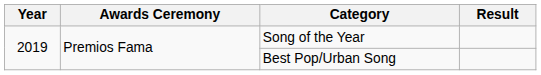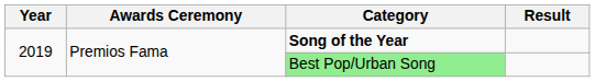 <table class="wikitable plainrowheaders" style="width:70%;">
 <tr>
 <th scope="col" style="width:4%;">Year</th>
 <th scope="col" style="width:20%;">Awards Ceremony</th>
 <th scope="col" style="width:20%;">Category</th>
 <th scope="col" style="width:6%;">Result</th>
 </tr>
 <tr>
 <td rowspan=2 style="text-align:center;">2019</td>
 <td rowspan=2>Premios Fama</td>
-<td>Song of the Year</td>
+<td><strong>Song of the Year</strong></td>
 <td></td>
 </tr>
 <tr>
-<td>Best Pop/Urban Song</td>
+<td style="background: lightgreen;">Best Pop/Urban Song</td>
 <td></td>
 </tr>
 </table>
